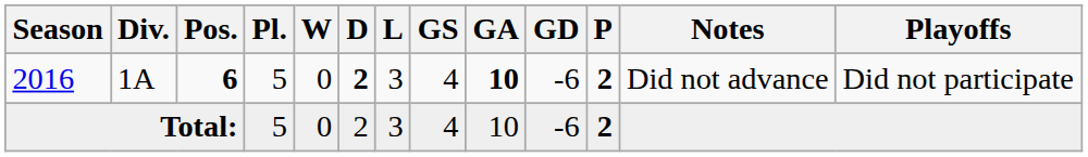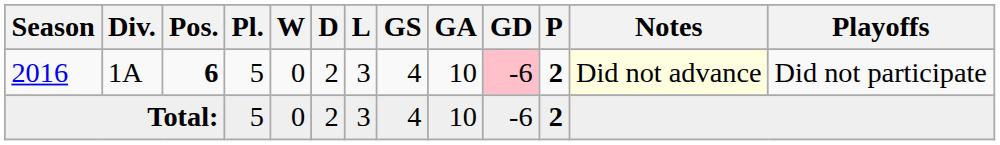 <table class="wikitable">
 <tr style="background:#efefef;">
 <th>Season</th>
 <th>Div.</th>
 <th>Pos.</th>
 <th>Pl.</th>
 <th>W</th>
 <th>D</th>
 <th>L</th>
 <th>GS</th>
 <th>GA</th>
 <th>GD</th>
 <th>P</th>
 <th>Notes</th>
 <th>Playoffs</th>
 </tr>
 <tr>
 <td><a href='#'>2016</a></td>
 <td>1A</td>
 <td align=right><strong>6</strong></td>
 <td align=right>5</td>
 <td align=right>0</td>
-<td align=right><strong>2</strong></td>
+<td align=right>2</td>
 <td align=right>3</td>
 <td align=right>4</td>
-<td align=right><strong>10</strong></td>
-<td align=right>-6</td>
+<td align=right>10</td>
+<td align=right style="background: pink;">-6</td>
 <td align=right><strong>2</strong></td>
-<td>Did not advance</td>
+<td style="background: lightyellow;">Did not advance</td>
 <td>Did not participate</td>
 </tr>
 <tr style="background:#efefef">
 <td align=right colspan=3><strong>Total:</strong></td>
 <td align=right>5</td>
 <td align=right>0</td>
 <td align=right>2</td>
 <td align=right>3</td>
 <td align=right>4</td>
 <td align=right>10</td>
 <td align=right>-6</td>
 <td align=right><strong>2</strong></td>
 <td colspan=3 bgcolor=#efefef></td>
 </tr>
 </table>
